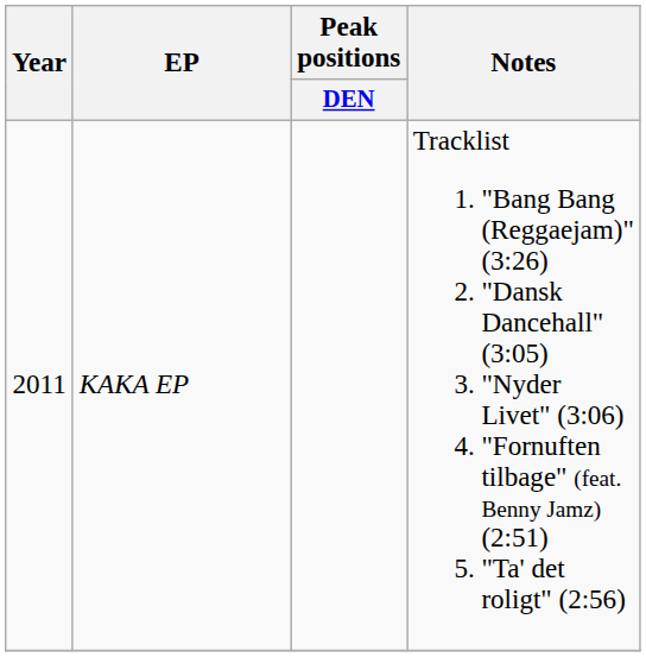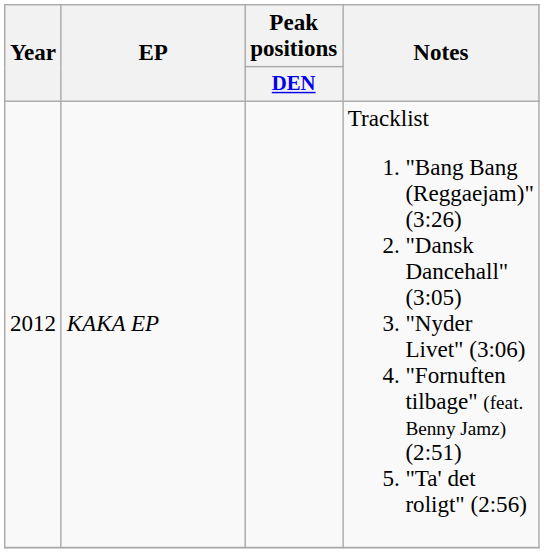 <table class="wikitable">
 <tr>
 <th align="center" rowspan="2" width="10">Year</th>
 <th align="center" rowspan="2" width="120">EP</th>
 <th align="center" colspan="1" width="20">Peak positions</th>
 <th align="center" rowspan="2" width="120">Notes</th>
 </tr>
 <tr>
 <th scope="col" style="width:3em;font-size:90%;"><a href='#'>DEN</a><br></th>
 </tr>
 <tr>
-<td style="text-align:center;">2011</td>
+<td style="text-align:center;">2012</td>
 <td><em>KAKA EP</em></td>
 <td style="text-align:center;"></td>
 <td>Tracklist<br><ol><li>"Bang Bang (Reggaejam)" (3:26)</li><li>"Dansk Dancehall" (3:05)</li><li>"Nyder Livet" (3:06)</li><li>"Fornuften tilbage" <small>(feat. Benny Jamz)</small> (2:51)</li><li>"Ta' det roligt" (2:56)</li></ol></td>
 </tr>
 <tr>
 </tr>
 </table>
